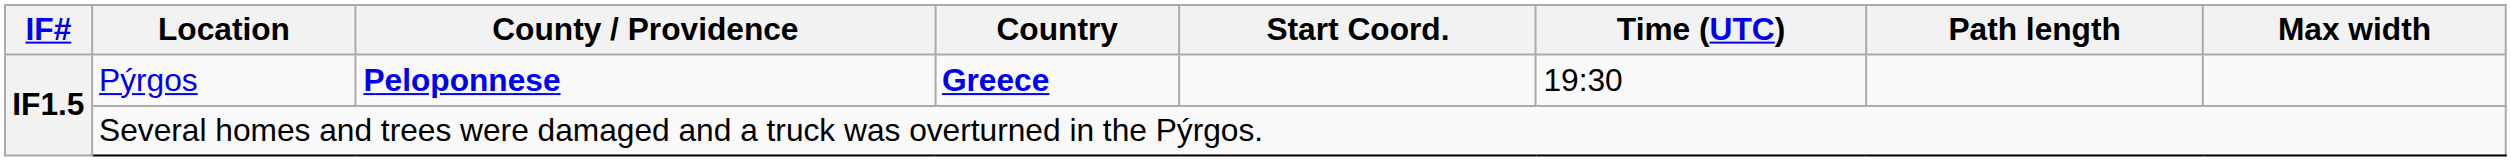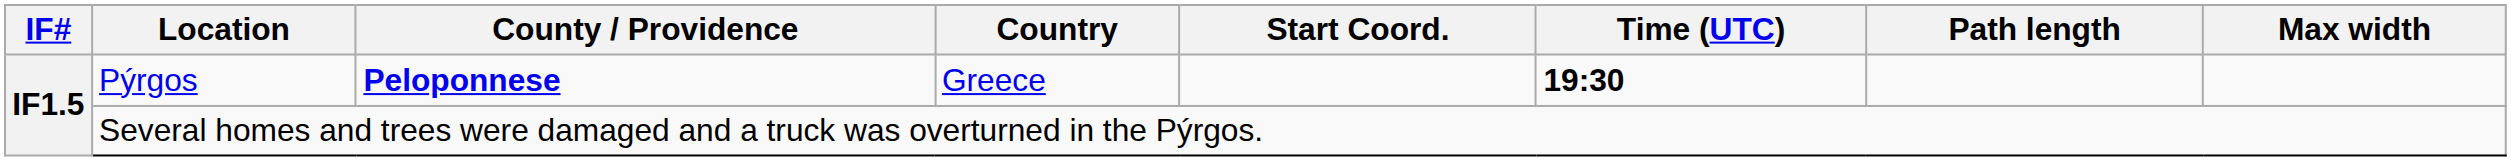 <table class="wikitable sortable" style="width:100%;">
 <tr>
 <th scope="col" width="2%" align="center"><a href='#'>IF#</a></th>
 <th scope="col" align="center" class="unsortable">Location</th>
 <th scope="col" align="center" class="unsortable">County / Providence</th>
 <th scope="col" align="center">Country</th>
 <th scope="col" align="center">Start Coord.</th>
 <th scope="col" align="center">Time (<a href='#'>UTC</a>)</th>
 <th scope="col" align="center">Path length</th>
 <th scope="col" align="center">Max width</th>
 </tr>
 <tr>
 <th scope="row" rowspan="2" style="background-color:#">IF1.5</th>
 <td><a href='#'>Pýrgos</a></td>
 <td><strong><a href='#'>Peloponnese</a></strong></td>
-<td><strong><a href='#'>Greece</a></strong></td>
+<td><a href='#'>Greece</a></td>
 <td></td>
-<td>19:30</td>
+<td><strong>19:30</strong></td>
 <td></td>
 <td></td>
 </tr>
 <tr class="expand-child">
 <td colspan="8" style=" border-bottom: 1px solid black;">Several homes and trees were damaged and a truck was overturned in the Pýrgos.</td>
 </tr>
 </table>
